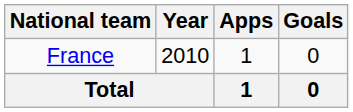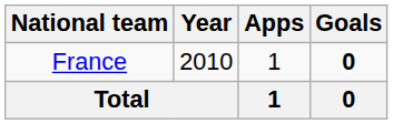 <table class=wikitable style=text-align:center>
 <tr>
 <th>National team</th>
 <th>Year</th>
 <th>Apps</th>
 <th>Goals</th>
 </tr>
 <tr>
 <td><a href='#'>France</a></td>
 <td>2010</td>
 <td>1</td>
-<td>0</td>
+<td><strong>0</strong></td>
 </tr>
 <tr>
 <th colspan="2">Total</th>
 <th>1</th>
 <th>0</th>
 </tr>
 </table>
